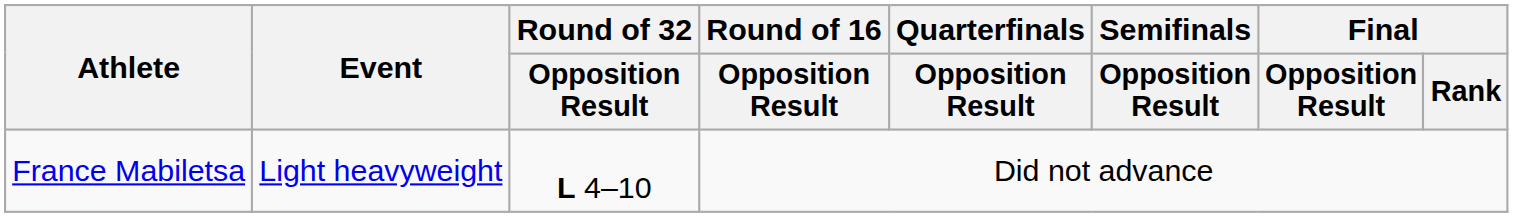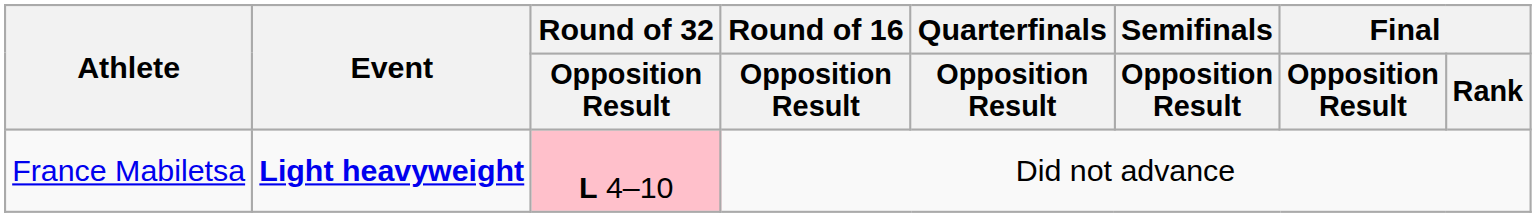 <table class="wikitable" style="font-size:90%">
 <tr>
 <th rowspan="2">Athlete</th>
 <th rowspan="2">Event</th>
 <th>Round of 32</th>
 <th>Round of 16</th>
 <th>Quarterfinals</th>
 <th>Semifinals</th>
 <th colspan=2>Final</th>
 </tr>
 <tr style="font-size:95%">
 <th>Opposition<br>Result</th>
 <th>Opposition<br>Result</th>
 <th>Opposition<br>Result</th>
 <th>Opposition<br>Result</th>
 <th>Opposition<br>Result</th>
 <th>Rank</th>
 </tr>
 <tr align=center>
 <td align=left><a href='#'>France Mabiletsa</a></td>
-<td align=left><a href='#'>Light heavyweight</a></td>
-<td><br><strong>L</strong> 4–10</td>
+<td align=left><strong><a href='#'>Light heavyweight</a></strong></td>
+<td style="background: pink;"><br><strong>L</strong> 4–10</td>
 <td colspan=5>Did not advance</td>
 </tr>
 </table>
